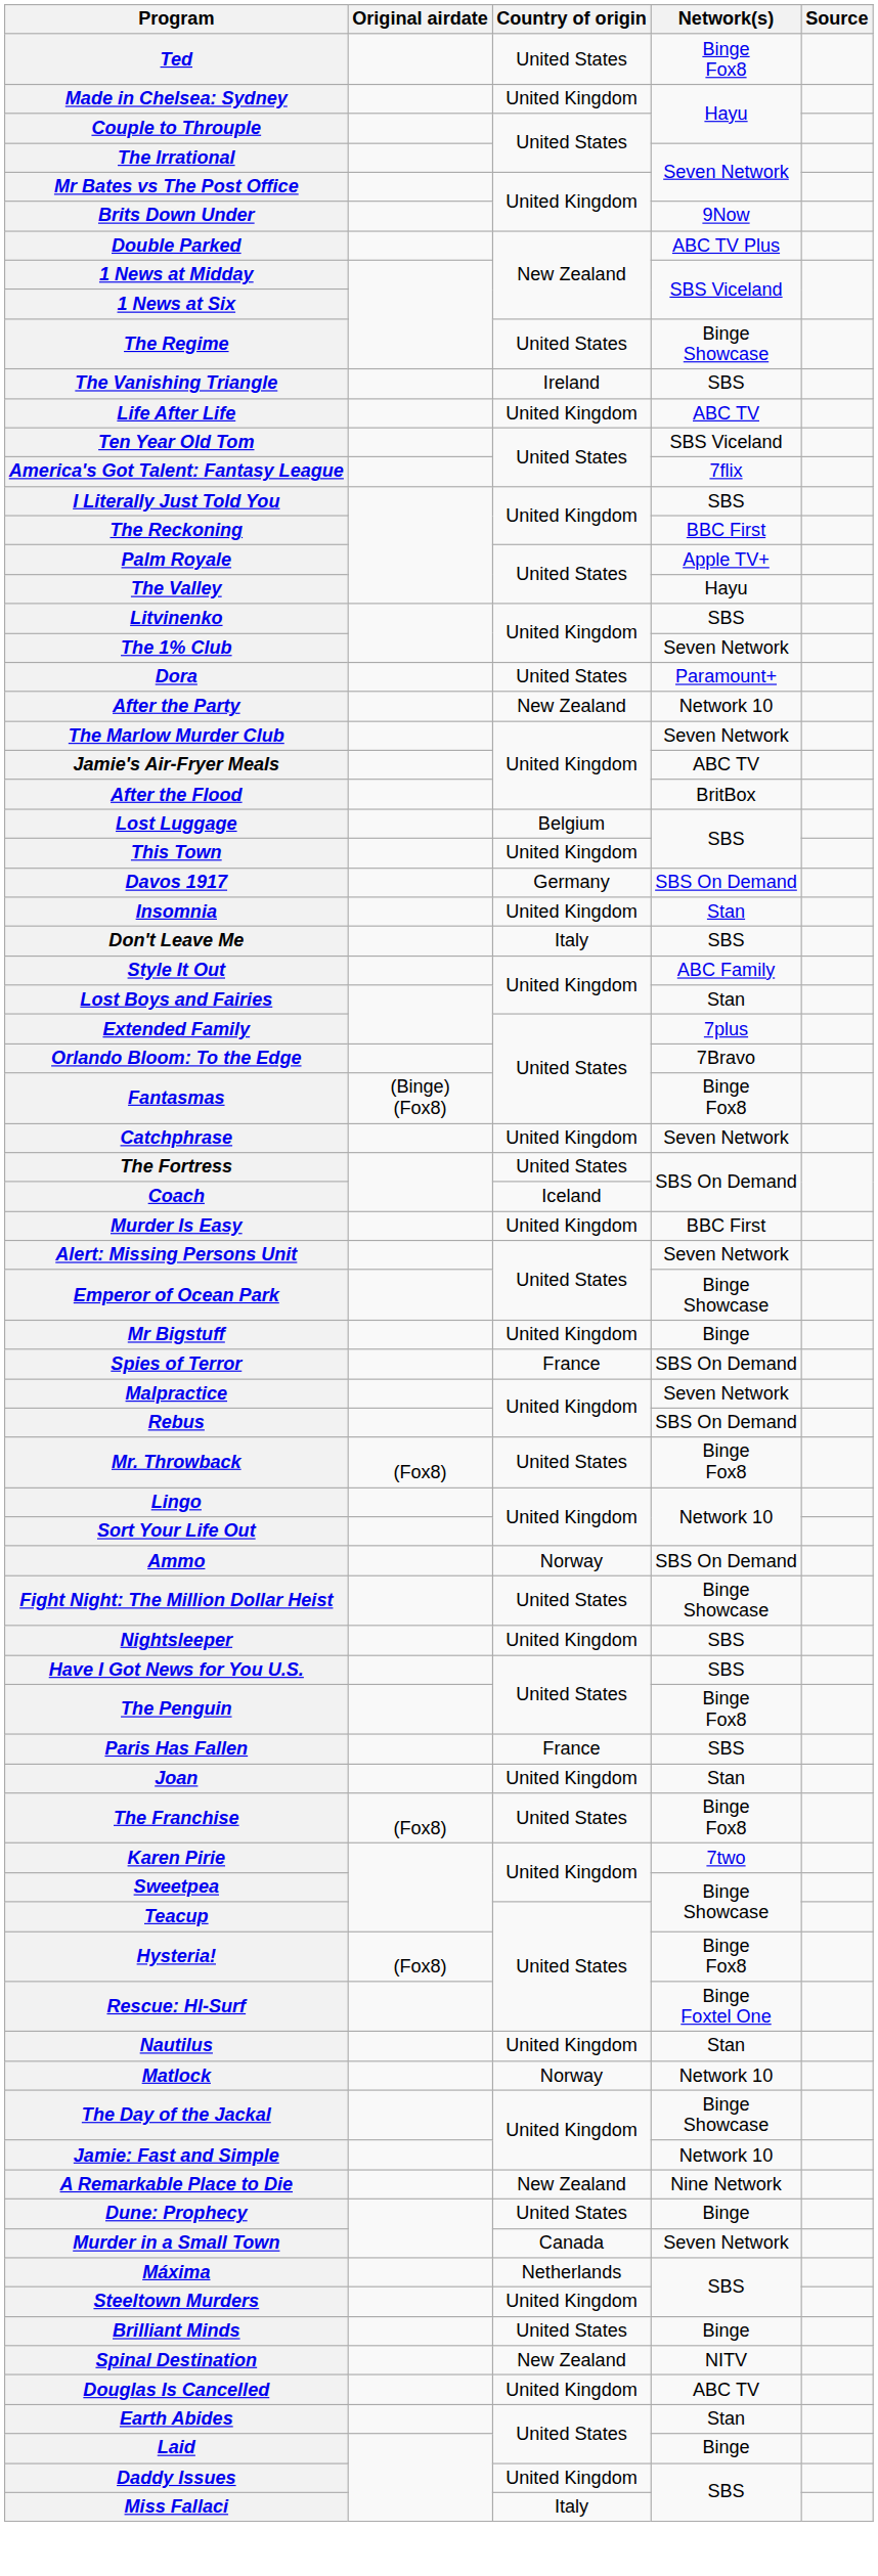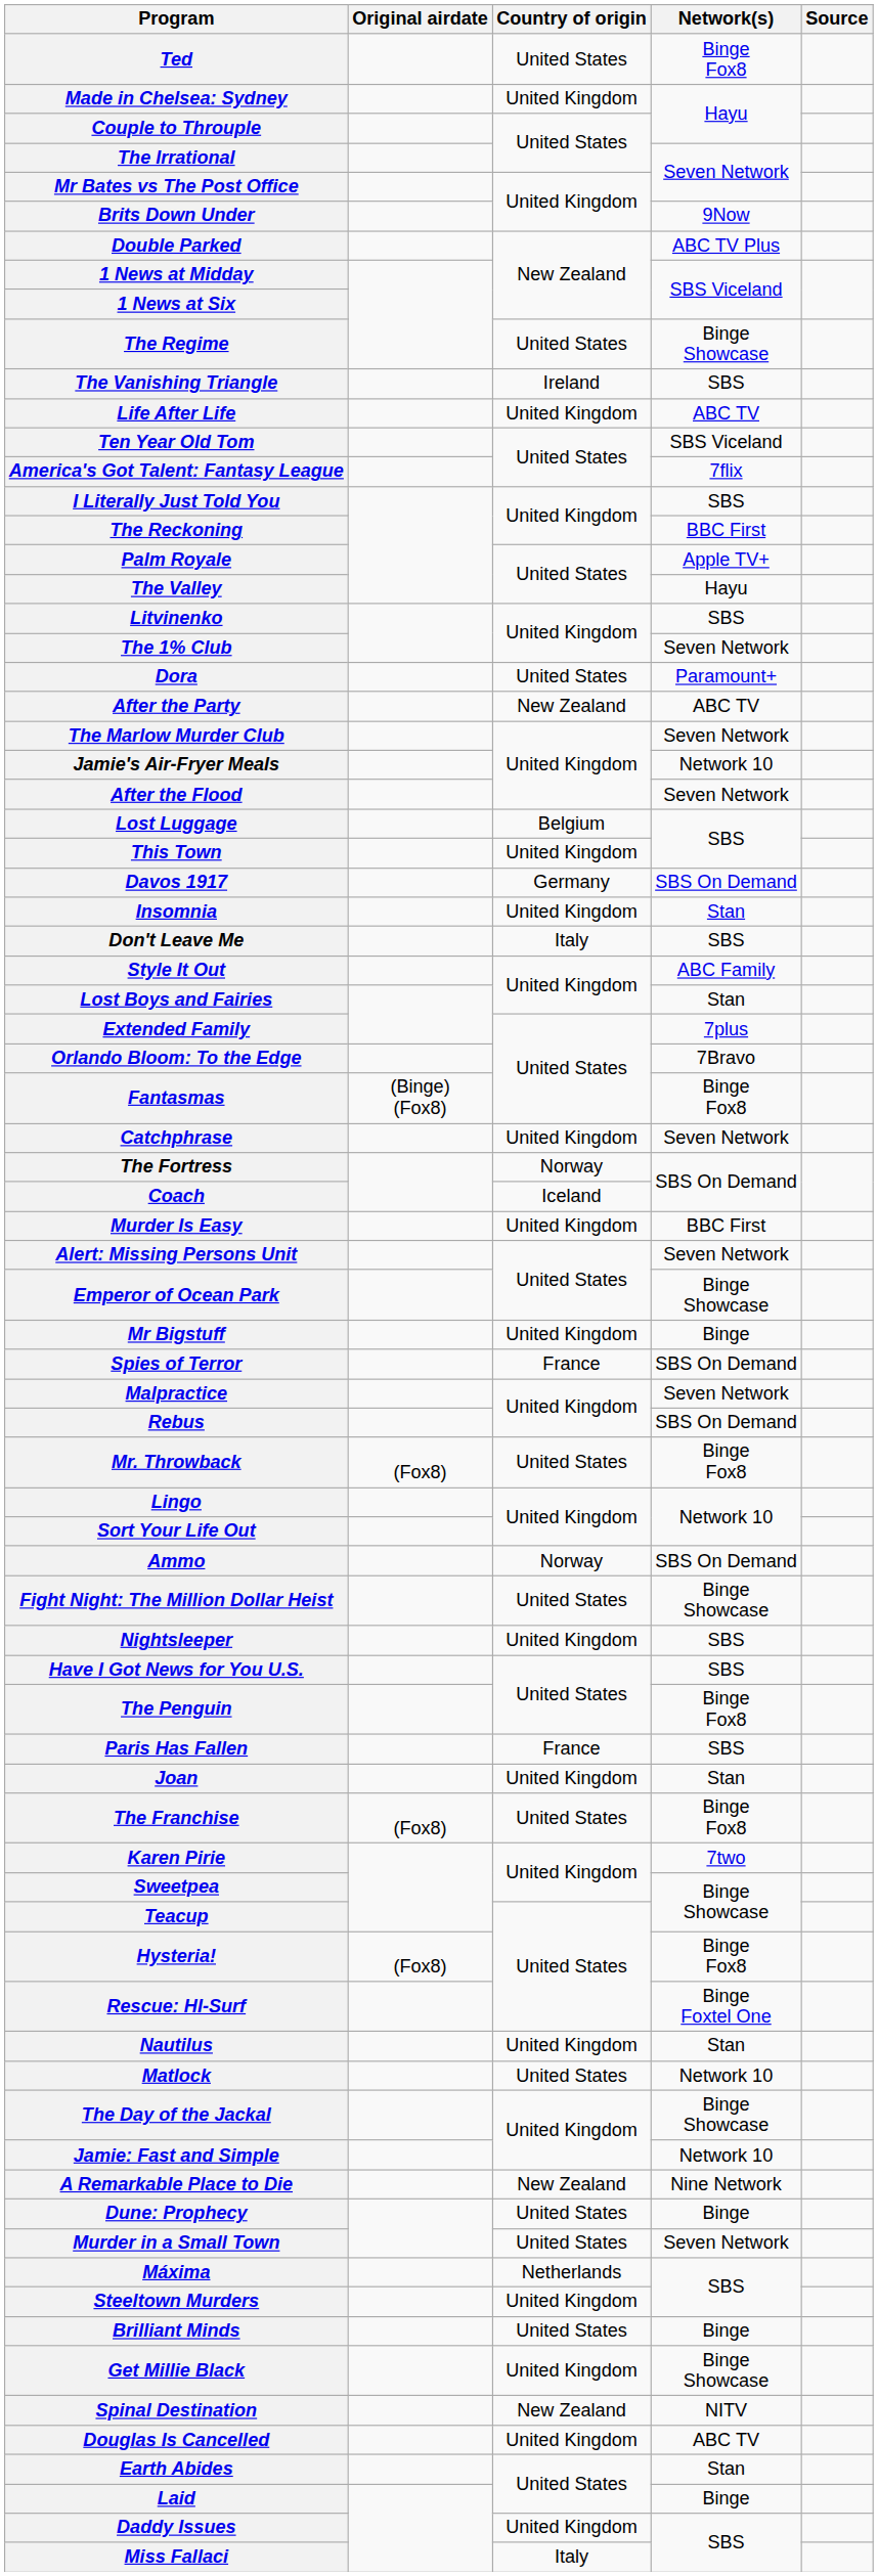 <table class="wikitable plainrowheaders sortable" style="text-align:center">
 <tr>
 <th scope="col">Program</th>
 <th scope="col">Original airdate</th>
 <th scope="col">Country of origin</th>
 <th scope="col">Network(s)</th>
 <th scope="col" class="unsortable">Source</th>
 </tr>
 <tr>
 <th scope="row"><a href='#'><em>Ted</em></a></th>
 <td></td>
 <td>United States</td>
 <td><a href='#'>Binge</a><br><a href='#'>Fox8</a></td>
 <td></td>
 </tr>
 <tr>
 <th scope="row"><em><a href='#'>Made in Chelsea: Sydney</a></em></th>
 <td></td>
 <td>United Kingdom</td>
 <td rowspan=2><a href='#'>Hayu</a></td>
 <td></td>
 </tr>
 <tr>
 <th scope="row"><em><a href='#'>Couple to Throuple</a></em></th>
 <td></td>
 <td rowspan=2>United States</td>
 <td></td>
 </tr>
 <tr>
 <th scope="row"><em><a href='#'>The Irrational</a></em></th>
 <td></td>
 <td rowspan=2><a href='#'>Seven Network</a></td>
 <td></td>
 </tr>
 <tr>
 <th scope="row"><em><a href='#'>Mr Bates vs The Post Office</a></em></th>
 <td></td>
 <td rowspan=2>United Kingdom</td>
 <td></td>
 </tr>
 <tr>
 <th scope="row"><em><a href='#'>Brits Down Under</a></em></th>
 <td></td>
 <td><a href='#'>9Now</a></td>
 <td></td>
 </tr>
 <tr>
 <th scope="row"><em><a href='#'>Double Parked</a></em></th>
 <td></td>
 <td rowspan=3>New Zealand</td>
 <td><a href='#'>ABC TV Plus</a></td>
 <td></td>
 </tr>
 <tr>
 <th scope="row"><em><a href='#'>1 News at Midday</a></em></th>
 <td rowspan=3></td>
 <td rowspan=2><a href='#'>SBS Viceland</a></td>
 <td rowspan=2></td>
 </tr>
 <tr>
 <th scope="row"><em><a href='#'>1 News at Six</a></em></th>
 </tr>
 <tr>
 <th scope="row"><em><a href='#'>The Regime</a></em></th>
 <td>United States</td>
 <td>Binge<br><a href='#'>Showcase</a></td>
 <td></td>
 </tr>
 <tr>
 <th scope="row"><em><a href='#'>The Vanishing Triangle</a></em></th>
 <td></td>
 <td>Ireland</td>
 <td>SBS</td>
 <td></td>
 </tr>
 <tr>
 <th scope="row"><em><a href='#'>Life After Life</a></em></th>
 <td></td>
 <td>United Kingdom</td>
 <td><a href='#'>ABC TV</a></td>
 <td></td>
 </tr>
 <tr>
 <th scope="row"><em><a href='#'>Ten Year Old Tom</a></em></th>
 <td></td>
 <td rowspan=2>United States</td>
 <td>SBS Viceland</td>
 <td></td>
 </tr>
 <tr>
 <th scope="row"><em><a href='#'>America's Got Talent: Fantasy League</a></em></th>
 <td></td>
 <td><a href='#'>7flix</a></td>
 <td></td>
 </tr>
 <tr>
 <th scope="row"><em><a href='#'>I Literally Just Told You</a></em></th>
 <td rowspan=4></td>
 <td rowspan=2>United Kingdom</td>
 <td>SBS</td>
 <td></td>
 </tr>
 <tr>
 <th scope="row"><em><a href='#'>The Reckoning</a></em></th>
 <td><a href='#'>BBC First</a></td>
 <td></td>
 </tr>
 <tr>
 <th scope="row"><em><a href='#'>Palm Royale</a></em></th>
 <td rowspan=2>United States</td>
 <td><a href='#'>Apple TV+</a></td>
 <td></td>
 </tr>
 <tr>
 <th scope="row"><em><a href='#'>The Valley</a></em></th>
 <td>Hayu</td>
 <td></td>
 </tr>
 <tr>
 <th scope="row"><em><a href='#'>Litvinenko</a></em></th>
 <td rowspan=2></td>
 <td rowspan=2>United Kingdom</td>
 <td>SBS</td>
 <td></td>
 </tr>
 <tr>
 <th scope="row"><em><a href='#'>The 1% Club</a></em></th>
 <td>Seven Network</td>
 <td></td>
 </tr>
 <tr>
 <th scope="row"><em><a href='#'>Dora</a></em></th>
 <td></td>
 <td>United States</td>
 <td><a href='#'>Paramount+</a></td>
 <td></td>
 </tr>
 <tr>
 <th scope="row"><em><a href='#'>After the Party</a></em></th>
 <td></td>
 <td>New Zealand</td>
-<td>Network 10</td>
+<td>ABC TV</td>
 <td></td>
 </tr>
 <tr>
 <th scope="row"><em><a href='#'>The Marlow Murder Club</a></em></th>
 <td></td>
 <td rowspan=3>United Kingdom</td>
 <td>Seven Network</td>
 <td></td>
 </tr>
 <tr>
 <th scope="row"><em>Jamie's Air-Fryer Meals</em></th>
 <td></td>
-<td>ABC TV</td>
+<td>Network 10</td>
 <td></td>
 </tr>
 <tr>
 <th scope="row"><em><a href='#'>After the Flood</a></em></th>
 <td></td>
-<td>BritBox</td>
+<td>Seven Network</td>
 <td></td>
 </tr>
 <tr>
 <th scope="row"><em><a href='#'>Lost Luggage</a></em></th>
 <td></td>
 <td>Belgium</td>
 <td rowspan=2>SBS</td>
 <td></td>
 </tr>
 <tr>
 <th scope="row"><em><a href='#'>This Town</a></em></th>
 <td></td>
 <td>United Kingdom</td>
 <td></td>
 </tr>
 <tr>
 <th scope="row"><em><a href='#'>Davos 1917</a></em></th>
 <td></td>
 <td>Germany</td>
 <td><a href='#'>SBS On Demand</a></td>
 <td></td>
 </tr>
 <tr>
 <th scope="row"><em><a href='#'>Insomnia</a></em></th>
 <td></td>
 <td>United Kingdom</td>
 <td><a href='#'>Stan</a></td>
 <td></td>
 </tr>
 <tr>
 <th scope="row"><em>Don't Leave Me</em></th>
 <td></td>
 <td>Italy</td>
 <td>SBS</td>
 <td></td>
 </tr>
 <tr>
 <th scope="row"><em><a href='#'>Style It Out</a></em></th>
 <td></td>
 <td rowspan=2>United Kingdom</td>
 <td><a href='#'>ABC Family</a></td>
 <td></td>
 </tr>
 <tr>
 <th scope="row"><em><a href='#'>Lost Boys and Fairies</a></em></th>
 <td rowspan=2></td>
 <td>Stan</td>
 <td></td>
 </tr>
 <tr>
 <th scope="row"><em><a href='#'>Extended Family</a></em></th>
 <td rowspan=3>United States</td>
 <td><a href='#'>7plus</a></td>
 <td></td>
 </tr>
 <tr>
 <th scope="row"><em><a href='#'>Orlando Bloom: To the Edge</a></em></th>
 <td></td>
 <td>7Bravo</td>
 <td></td>
 </tr>
 <tr>
 <th scope="row"><em><a href='#'>Fantasmas</a></em></th>
 <td> (Binge)<br> (Fox8)</td>
 <td>Binge<br>Fox8</td>
 <td></td>
 </tr>
 <tr>
 <th scope="row"><em><a href='#'>Catchphrase</a></em></th>
 <td></td>
 <td>United Kingdom</td>
 <td>Seven Network</td>
 <td></td>
 </tr>
 <tr>
 <th scope="row"><em>The Fortress</em></th>
 <td rowspan=2></td>
-<td>United States</td>
+<td>Norway</td>
 <td rowspan=2>SBS On Demand</td>
 <td rowspan=2></td>
 </tr>
 <tr>
 <th scope="row"><em><a href='#'>Coach</a></em></th>
 <td>Iceland</td>
 </tr>
 <tr>
 <th scope="row"><em><a href='#'>Murder Is Easy</a></em></th>
 <td></td>
 <td>United Kingdom</td>
 <td>BBC First</td>
 <td></td>
 </tr>
 <tr>
 <th scope="row"><em><a href='#'>Alert: Missing Persons Unit</a></em></th>
 <td></td>
 <td rowspan=2>United States</td>
 <td>Seven Network</td>
 <td></td>
 </tr>
 <tr>
 <th scope="row"><em><a href='#'>Emperor of Ocean Park</a></em></th>
 <td></td>
 <td>Binge<br>Showcase</td>
 <td></td>
 </tr>
 <tr>
 <th scope="row"><em><a href='#'>Mr Bigstuff</a></em></th>
 <td></td>
 <td>United Kingdom</td>
 <td>Binge</td>
 <td></td>
 </tr>
 <tr>
 <th scope="row"><em><a href='#'>Spies of Terror</a></em></th>
 <td></td>
 <td>France</td>
 <td>SBS On Demand</td>
 <td></td>
 </tr>
 <tr>
 <th scope="row"><em><a href='#'>Malpractice</a></em></th>
 <td></td>
 <td rowspan=2>United Kingdom</td>
 <td>Seven Network</td>
 <td></td>
 </tr>
 <tr>
 <th scope="row"><em><a href='#'>Rebus</a></em></th>
 <td></td>
 <td>SBS On Demand</td>
 <td></td>
 </tr>
 <tr>
 <th scope="row"><em><a href='#'>Mr. Throwback</a></em></th>
 <td><br> (Fox8)</td>
 <td>United States</td>
 <td>Binge<br>Fox8</td>
 <td></td>
 </tr>
 <tr>
 <th scope="row"><em><a href='#'>Lingo</a></em></th>
 <td></td>
 <td rowspan=2>United Kingdom</td>
 <td rowspan=2>Network 10</td>
 <td></td>
 </tr>
 <tr>
 <th scope="row"><em><a href='#'>Sort Your Life Out</a></em></th>
 <td></td>
 <td></td>
 </tr>
 <tr>
 <th scope="row"><em><a href='#'>Ammo</a></em></th>
 <td></td>
 <td>Norway</td>
 <td>SBS On Demand</td>
 <td></td>
 </tr>
 <tr>
 <th scope="row"><em><a href='#'>Fight Night: The Million Dollar Heist</a></em></th>
 <td></td>
 <td>United States</td>
 <td>Binge<br>Showcase</td>
 <td></td>
 </tr>
 <tr>
 <th scope="row"><em><a href='#'>Nightsleeper</a></em></th>
 <td></td>
 <td>United Kingdom</td>
 <td>SBS</td>
 <td></td>
 </tr>
 <tr>
 <th scope="row"><em><a href='#'>Have I Got News for You U.S.</a></em></th>
 <td></td>
 <td rowspan=2>United States</td>
 <td>SBS</td>
 <td></td>
 </tr>
 <tr>
 <th scope="row"><em><a href='#'>The Penguin</a></em></th>
 <td></td>
 <td>Binge<br>Fox8</td>
 <td></td>
 </tr>
 <tr>
 <th scope="row"><em><a href='#'>Paris Has Fallen</a></em></th>
 <td></td>
 <td>France</td>
 <td>SBS</td>
 <td></td>
 </tr>
 <tr>
 <th scope="row"><em><a href='#'>Joan</a></em></th>
 <td></td>
 <td>United Kingdom</td>
 <td>Stan</td>
 <td></td>
 </tr>
 <tr>
 <th scope="row"><em><a href='#'>The Franchise</a></em></th>
 <td><br> (Fox8)</td>
 <td>United States</td>
 <td>Binge<br>Fox8</td>
 <td></td>
 </tr>
 <tr>
 <th scope="row"><em><a href='#'>Karen Pirie</a></em></th>
 <td rowspan=3></td>
 <td rowspan=2>United Kingdom</td>
 <td><a href='#'>7two</a></td>
 <td></td>
 </tr>
 <tr>
 <th scope="row"><em><a href='#'>Sweetpea</a></em></th>
 <td rowspan=2>Binge<br>Showcase</td>
 <td></td>
 </tr>
 <tr>
 <th scope="row"><em><a href='#'>Teacup</a></em></th>
 <td rowspan=3>United States</td>
 <td></td>
 </tr>
 <tr>
 <th scope="row"><em><a href='#'>Hysteria!</a></em></th>
 <td><br> (Fox8)</td>
 <td>Binge<br>Fox8</td>
 <td></td>
 </tr>
 <tr>
 <th scope="row"><em><a href='#'>Rescue: HI-Surf</a></em></th>
 <td></td>
 <td>Binge<br><a href='#'>Foxtel One</a></td>
 <td></td>
 </tr>
 <tr>
 <th scope="row"><em><a href='#'>Nautilus</a></em></th>
 <td></td>
 <td>United Kingdom</td>
 <td>Stan</td>
 <td></td>
 </tr>
 <tr>
 <th scope="row"><em><a href='#'>Matlock</a></em></th>
 <td></td>
-<td>Norway</td>
+<td>United States</td>
 <td>Network 10</td>
 <td></td>
 </tr>
 <tr>
 <th scope="row"><em><a href='#'>The Day of the Jackal</a></em></th>
 <td></td>
 <td rowspan=2>United Kingdom</td>
 <td>Binge<br>Showcase</td>
 <td></td>
 </tr>
 <tr>
 <th scope="row"><em><a href='#'>Jamie: Fast and Simple</a></em></th>
 <td></td>
 <td>Network 10</td>
 <td></td>
 </tr>
 <tr>
 <th scope="row"><em><a href='#'>A Remarkable Place to Die</a></em></th>
 <td></td>
 <td>New Zealand</td>
 <td>Nine Network</td>
 <td></td>
 </tr>
 <tr>
 <th scope="row"><em><a href='#'>Dune: Prophecy</a></em></th>
 <td rowspan=2></td>
 <td>United States</td>
 <td>Binge</td>
 <td></td>
 </tr>
 <tr>
 <th scope="row"><em><a href='#'>Murder in a Small Town</a></em></th>
-<td>Canada</td>
+<td>United States</td>
 <td>Seven Network</td>
 <td></td>
 </tr>
 <tr>
 <th scope="row"><em><a href='#'>Máxima</a></em></th>
 <td></td>
 <td>Netherlands</td>
 <td rowspan=2>SBS</td>
 <td></td>
 </tr>
 <tr>
 <th scope="row"><em><a href='#'>Steeltown Murders</a></em></th>
 <td></td>
 <td>United Kingdom</td>
 <td></td>
 </tr>
 <tr>
 <th scope="row"><em><a href='#'>Brilliant Minds</a></em></th>
 <td></td>
 <td>United States</td>
 <td>Binge</td>
+<td></td>
+</tr>
+<tr>
+<th scope="row"><em><a href='#'>Get Millie Black</a></em></th>
+<td></td>
+<td>United Kingdom</td>
+<td>Binge<br>Showcase</td>
 <td></td>
 </tr>
 <tr>
 <th scope="row"><em><a href='#'>Spinal Destination</a></em></th>
 <td></td>
 <td>New Zealand</td>
 <td>NITV</td>
 <td></td>
 </tr>
 <tr>
 <th scope="row"><em><a href='#'>Douglas Is Cancelled</a></em></th>
 <td></td>
 <td>United Kingdom</td>
 <td>ABC TV</td>
 <td></td>
 </tr>
 <tr>
 <th scope="row"><em><a href='#'>Earth Abides</a></em></th>
 <td></td>
 <td rowspan=2>United States</td>
 <td>Stan</td>
 <td></td>
 </tr>
 <tr>
 <th scope="row"><em><a href='#'>Laid</a></em></th>
 <td rowspan=3></td>
 <td>Binge</td>
 <td></td>
 </tr>
 <tr>
 <th scope="row"><em><a href='#'>Daddy Issues</a></em></th>
 <td>United Kingdom</td>
 <td rowspan=2>SBS</td>
 <td></td>
 </tr>
 <tr>
 <th scope="row"><em><a href='#'>Miss Fallaci</a></em></th>
 <td>Italy</td>
 <td></td>
 </tr>
 </table>
